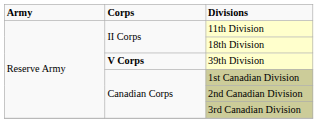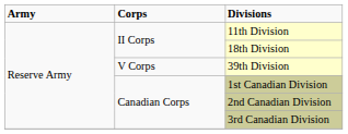 <table class="wikitable">
 <tr>
 <td width="150pt"><strong>Army</strong></td>
 <td width="150pt"><strong>Corps</strong></td>
 <td width="160pt"><strong>Divisions</strong></td>
 </tr>
 <tr>
 <td rowspan="6">Reserve Army</td>
 <td rowspan="2">II Corps</td>
 <td style="background:#FFFFCC;">11th Division</td>
 </tr>
 <tr>
 <td style="background:#FFFFCC;">18th Division</td>
 </tr>
 <tr>
-<td><strong>V Corps</strong></td>
+<td>V Corps</td>
 <td style="background:#FFFFCC;">39th Division</td>
 </tr>
 <tr>
 <td rowspan="3">Canadian Corps</td>
 <td style="background:#CCCC99;">1st Canadian Division</td>
 </tr>
 <tr>
 <td style="background:#CCCC99;">2nd Canadian Division</td>
 </tr>
 <tr>
 <td style="background:#CCCC99;">3rd Canadian Division</td>
 </tr>
 <tr>
 </tr>
 </table>
